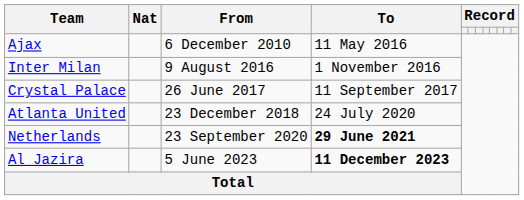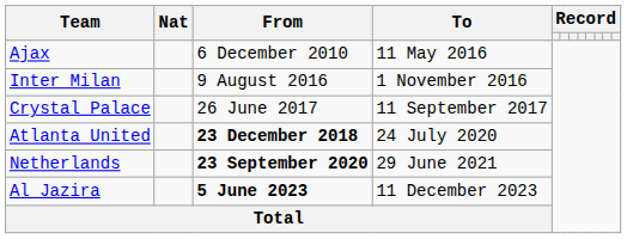 <table class=wikitable style=text-align:center>
 <tr>
 <th rowspan=2>Team</th>
 <th rowspan=2>Nat</th>
 <th rowspan=2>From</th>
 <th rowspan=2>To</th>
 <th colspan=8>Record</th>
 </tr>
 <tr>
 <th></th>
 <th></th>
 <th></th>
 <th></th>
 <th></th>
 <th></th>
 <th></th>
 <th></th>
 </tr>
 <tr>
 <td align=left><a href='#'>Ajax</a></td>
 <td></td>
 <td align=left>6 December 2010</td>
 <td align=left>11 May 2016<br></td>
 </tr>
 <tr>
 <td align=left><a href='#'>Inter Milan</a></td>
 <td></td>
 <td align=left>9 August 2016</td>
 <td align=left>1 November 2016<br></td>
 </tr>
 <tr>
 <td align=left><a href='#'>Crystal Palace</a></td>
 <td></td>
 <td align=left>26 June 2017</td>
 <td align=left>11 September 2017<br></td>
 </tr>
 <tr>
 <td align=left><a href='#'>Atlanta United</a></td>
 <td></td>
-<td align=left>23 December 2018</td>
+<td align=left><strong>23 December 2018</strong></td>
 <td align=left>24 July 2020<br></td>
 </tr>
 <tr>
 <td align=left><a href='#'>Netherlands</a></td>
 <td></td>
-<td align=left>23 September 2020</td>
-<td align=left><strong>29 June 2021<br></strong></td>
+<td align=left><strong>23 September 2020</strong></td>
+<td align=left>29 June 2021<br></td>
 </tr>
 <tr>
 <td align=left><a href='#'>Al Jazira</a></td>
 <td></td>
-<td align=left>5 June 2023</td>
-<td align=left><strong>11 December 2023<br></strong></td>
+<td align=left><strong>5 June 2023</strong></td>
+<td align=left>11 December 2023<br></td>
 </tr>
 <tr>
 <th colspan="4">Total<br></th>
 </tr>
 </table>
